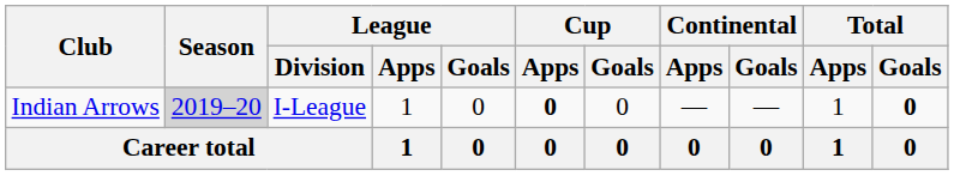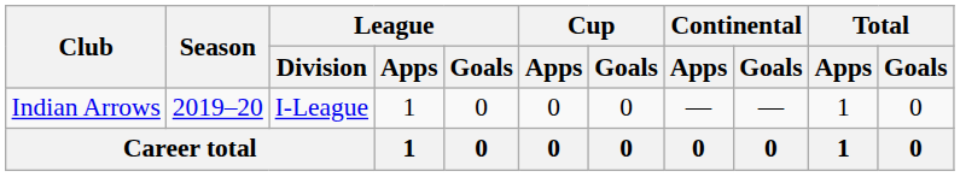 <table class="wikitable" style="text-align: center;">
 <tr>
 <th rowspan="2">Club</th>
 <th rowspan="2">Season</th>
 <th colspan="3">League</th>
 <th colspan="2">Cup</th>
 <th colspan="2">Continental</th>
 <th colspan="2">Total</th>
 </tr>
 <tr>
 <th>Division</th>
 <th>Apps</th>
 <th>Goals</th>
 <th>Apps</th>
 <th>Goals</th>
 <th>Apps</th>
 <th>Goals</th>
 <th>Apps</th>
 <th>Goals</th>
 </tr>
 <tr>
 <td rowspan="1"><a href='#'>Indian Arrows</a></td>
-<td style="background: lightgrey;"><a href='#'>2019–20</a></td>
+<td><a href='#'>2019–20</a></td>
 <td><a href='#'>I-League</a></td>
 <td>1</td>
 <td>0</td>
-<td><strong>0</strong></td>
+<td>0</td>
 <td>0</td>
 <td>—</td>
 <td>—</td>
 <td>1</td>
-<td><strong>0</strong></td>
+<td>0</td>
 </tr>
 <tr>
 <th colspan="3">Career total</th>
 <th>1</th>
 <th>0</th>
 <th>0</th>
 <th>0</th>
 <th>0</th>
 <th>0</th>
 <th>1</th>
 <th>0</th>
 </tr>
 </table>
